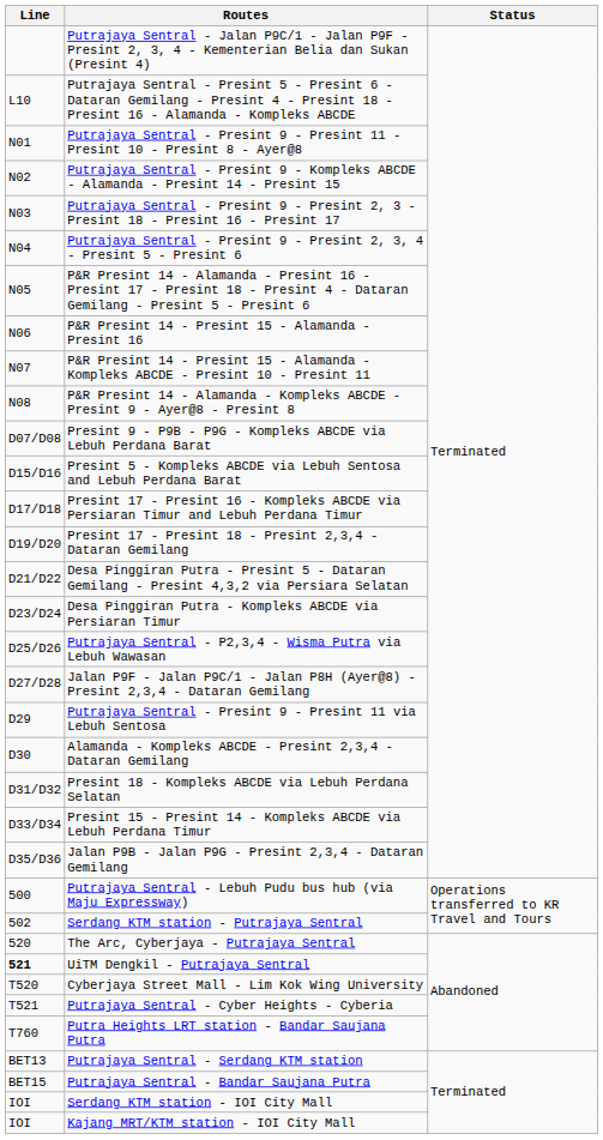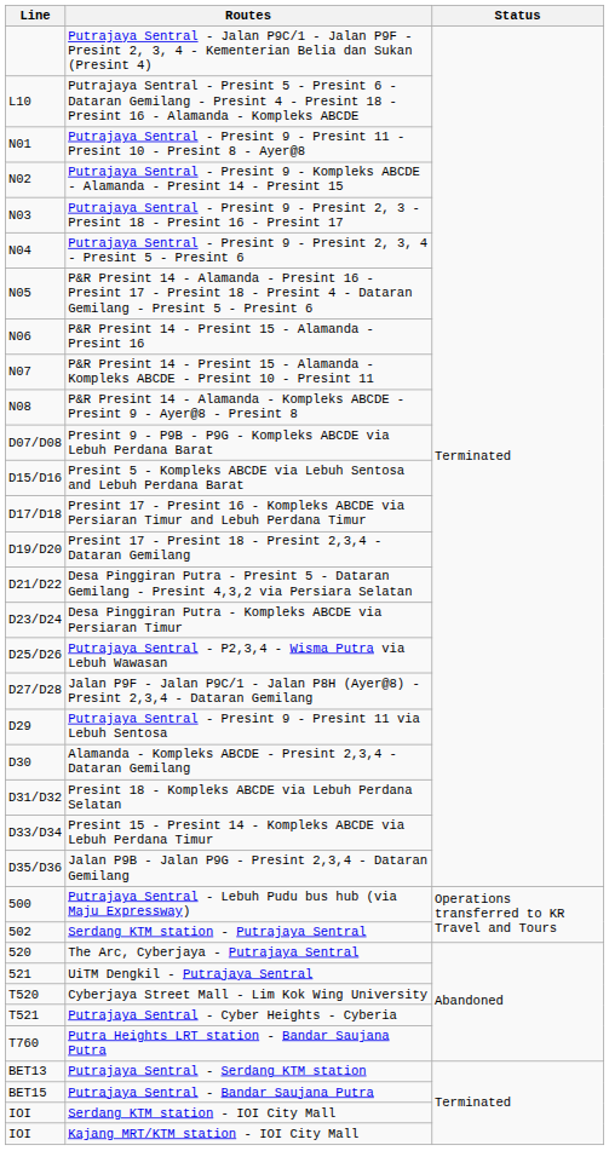 <table class="wikitable">
 <tr>
 <th>Line</th>
 <th>Routes</th>
 <th>Status</th>
 </tr>
 <tr>
 <td> </td>
 <td><a href='#'>Putrajaya Sentral</a> - Jalan P9C/1 - Jalan P9F - Presint 2, 3, 4 - Kementerian Belia dan Sukan (Presint 4)</td>
 <td rowspan="23">Terminated</td>
 </tr>
 <tr>
 <td>L10</td>
 <td>Putrajaya Sentral - Presint 5 - Presint 6 - Dataran Gemilang - Presint 4 - Presint 18 - Presint 16 - Alamanda - Kompleks ABCDE</td>
 </tr>
 <tr>
 <td>N01</td>
 <td><a href='#'>Putrajaya Sentral</a> - Presint 9 - Presint 11 - Presint 10 - Presint 8 - Ayer@8</td>
 </tr>
 <tr>
 <td>N02</td>
 <td><a href='#'>Putrajaya Sentral</a> - Presint 9 - Kompleks ABCDE - Alamanda - Presint 14 - Presint 15</td>
 </tr>
 <tr>
 <td>N03</td>
 <td><a href='#'>Putrajaya Sentral</a> - Presint 9 - Presint 2, 3 - Presint 18 - Presint 16 - Presint 17</td>
 </tr>
 <tr>
 <td>N04</td>
 <td><a href='#'>Putrajaya Sentral</a> - Presint 9 - Presint 2, 3, 4 - Presint 5 - Presint 6</td>
 </tr>
 <tr>
 <td>N05</td>
 <td>P&R Presint 14 - Alamanda - Presint 16 - Presint 17 - Presint 18 - Presint 4 - Dataran Gemilang - Presint 5 - Presint 6</td>
 </tr>
 <tr>
 <td>N06</td>
 <td>P&R Presint 14 - Presint 15 - Alamanda - Presint 16</td>
 </tr>
 <tr>
 <td>N07</td>
 <td>P&R Presint 14 - Presint 15 - Alamanda - Kompleks ABCDE - Presint 10 - Presint 11</td>
 </tr>
 <tr>
 <td>N08</td>
 <td>P&R Presint 14 - Alamanda - Kompleks ABCDE - Presint 9 - Ayer@8 - Presint 8</td>
 </tr>
 <tr>
 <td>D07/D08</td>
 <td>Presint 9 - P9B - P9G - Kompleks ABCDE via Lebuh Perdana Barat</td>
 </tr>
 <tr>
 <td>D15/D16</td>
 <td>Presint 5 - Kompleks ABCDE via Lebuh Sentosa and Lebuh Perdana Barat</td>
 </tr>
 <tr>
 <td>D17/D18</td>
 <td>Presint 17 - Presint 16 - Kompleks ABCDE via Persiaran Timur and Lebuh Perdana Timur</td>
 </tr>
 <tr>
 <td>D19/D20</td>
 <td>Presint 17 - Presint 18 - Presint 2,3,4 - Dataran Gemilang</td>
 </tr>
 <tr>
 <td>D21/D22</td>
 <td>Desa Pinggiran Putra - Presint 5 - Dataran Gemilang - Presint 4,3,2 via Persiara Selatan</td>
 </tr>
 <tr>
 <td>D23/D24</td>
 <td>Desa Pinggiran Putra - Kompleks ABCDE via Persiaran Timur</td>
 </tr>
 <tr>
 <td>D25/D26</td>
 <td><a href='#'>Putrajaya Sentral</a> - P2,3,4 - <a href='#'>Wisma Putra</a> via Lebuh Wawasan</td>
 </tr>
 <tr>
 <td>D27/D28</td>
 <td>Jalan P9F - Jalan P9C/1 - Jalan P8H (Ayer@8) - Presint 2,3,4 - Dataran Gemilang</td>
 </tr>
 <tr>
 <td>D29</td>
 <td><a href='#'>Putrajaya Sentral</a> - Presint 9 - Presint 11 via Lebuh Sentosa</td>
 </tr>
 <tr>
 <td>D30</td>
 <td>Alamanda - Kompleks ABCDE - Presint 2,3,4 - Dataran Gemilang</td>
 </tr>
 <tr>
 <td>D31/D32</td>
 <td>Presint 18 - Kompleks ABCDE via Lebuh Perdana Selatan</td>
 </tr>
 <tr>
 <td>D33/D34</td>
 <td>Presint 15 - Presint 14 - Kompleks ABCDE via Lebuh Perdana Timur</td>
 </tr>
 <tr>
 <td>D35/D36</td>
 <td>Jalan P9B - Jalan P9G - Presint 2,3,4 - Dataran Gemilang</td>
 </tr>
 <tr>
 <td>500</td>
 <td><a href='#'>Putrajaya Sentral</a> - Lebuh Pudu bus hub (via <a href='#'>Maju Expressway</a>)</td>
 <td rowspan="2">Operations transferred to KR Travel and Tours</td>
 </tr>
 <tr>
 <td>502</td>
 <td><a href='#'>Serdang KTM station</a> - <a href='#'>Putrajaya Sentral</a></td>
 </tr>
 <tr>
 <td>520</td>
 <td>The Arc, Cyberjaya - <a href='#'>Putrajaya Sentral</a></td>
 <td rowspan="5">Abandoned</td>
 </tr>
 <tr>
-<td><strong>521</strong></td>
+<td>521</td>
 <td>UiTM Dengkil - <a href='#'>Putrajaya Sentral</a></td>
 </tr>
 <tr>
 <td>T520</td>
 <td>Cyberjaya Street Mall - Lim Kok Wing University</td>
 </tr>
 <tr>
 <td>T521</td>
 <td><a href='#'>Putrajaya Sentral</a>  - Cyber Heights - Cyberia</td>
 </tr>
 <tr>
 <td>T760</td>
 <td>  <a href='#'>Putra Heights LRT station</a> - <a href='#'>Bandar Saujana Putra</a></td>
 </tr>
 <tr>
 <td>BET13</td>
 <td><a href='#'>Putrajaya Sentral</a>  - <a href='#'>Serdang KTM station</a></td>
 <td rowspan="4">Terminated</td>
 </tr>
 <tr>
 <td>BET15</td>
 <td><a href='#'>Putrajaya Sentral</a>  - <a href='#'>Bandar Saujana Putra</a></td>
 </tr>
 <tr>
 <td>IOI</td>
 <td><a href='#'>Serdang KTM station</a>  - IOI City Mall</td>
 </tr>
 <tr>
 <td>IOI</td>
 <td><a href='#'>Kajang MRT/KTM station</a>  - IOI City Mall</td>
 </tr>
 </table>
